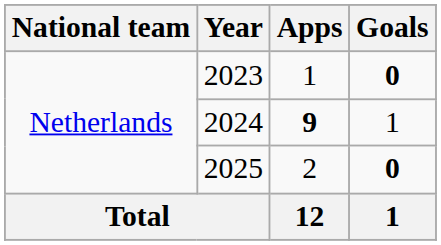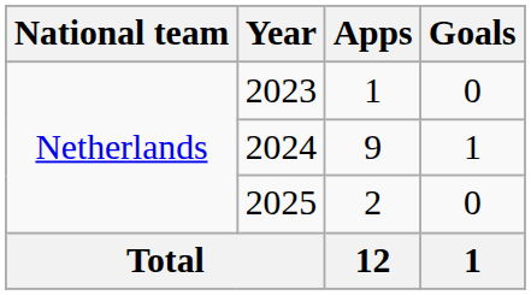 <table class=wikitable style=text-align:center>
 <tr>
 <th>National team</th>
 <th>Year</th>
 <th>Apps</th>
 <th>Goals</th>
 </tr>
 <tr>
 <td rowspan="3"><a href='#'>Netherlands</a></td>
 <td>2023</td>
 <td>1</td>
-<td><strong>0</strong></td>
+<td>0</td>
 </tr>
 <tr>
 <td>2024</td>
-<td><strong>9</strong></td>
+<td>9</td>
 <td>1</td>
 </tr>
 <tr>
 <td>2025</td>
 <td>2</td>
-<td><strong>0</strong></td>
+<td>0</td>
 </tr>
 <tr>
 <th colspan="2">Total</th>
 <th>12</th>
 <th>1</th>
 </tr>
 </table>
